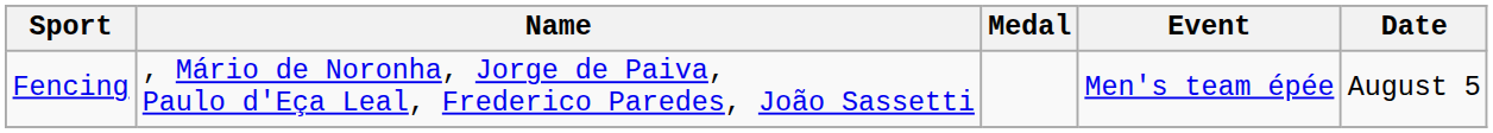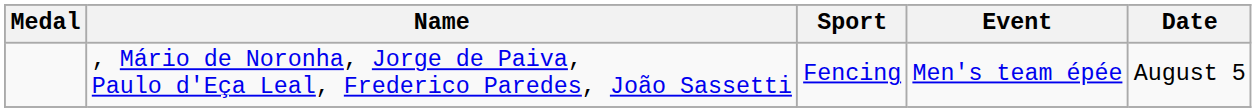 <table class="wikitable" style="font-size:95%">
 <tr>
+<th>Medal</th>
+<th>Name</th>
 <th>Sport</th>
-<th>Name</th>
-<th>Medal</th>
 <th>Event</th>
 <th>Date</th>
 </tr>
 <tr>
+<td></td>
+<td>, <a href='#'>Mário de Noronha</a>, <a href='#'>Jorge de Paiva</a>,<br><a href='#'>Paulo d'Eça Leal</a>, <a href='#'>Frederico Paredes</a>, <a href='#'>João Sassetti</a></td>
 <td><a href='#'>Fencing</a></td>
-<td>, <a href='#'>Mário de Noronha</a>, <a href='#'>Jorge de Paiva</a>,<br><a href='#'>Paulo d'Eça Leal</a>, <a href='#'>Frederico Paredes</a>, <a href='#'>João Sassetti</a></td>
-<td></td>
 <td><a href='#'>Men's team épée</a></td>
 <td>August 5</td>
 </tr>
 </table>
